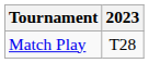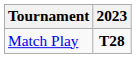 <table class="wikitable" style="text-align:center;">
 <tr>
 <th>Tournament</th>
 <th>2023</th>
 </tr>
 <tr>
 <td align="left"><a href='#'>Match Play</a></td>
-<td>T28</td>
+<td><strong>T28</strong></td>
 </tr>
 </table>
